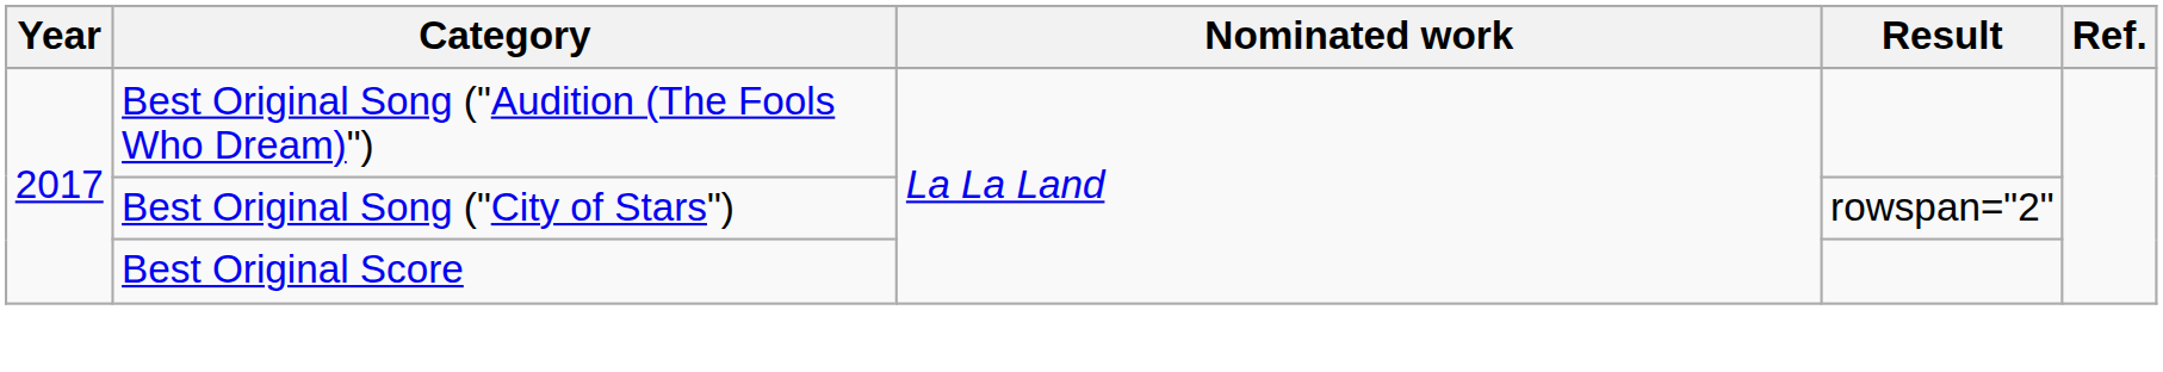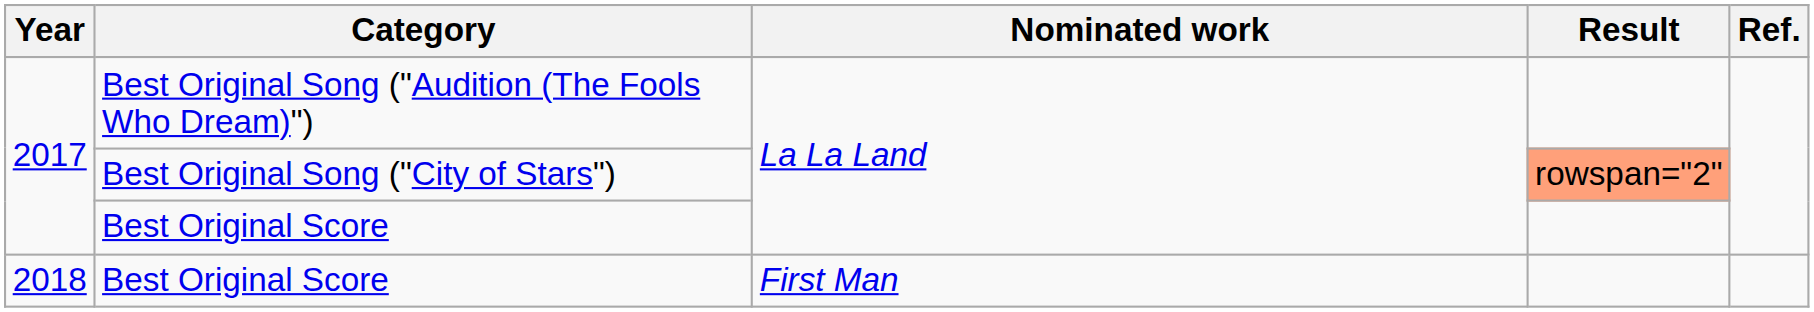 <table class=wikitable>
 <tr>
 <th scope="col" style="width:1em;">Year</th>
 <th scope="col" style="width:33em;">Category</th>
 <th scope="col" style="width:39em;">Nominated work</th>
 <th scope="col" style="width:5em;">Result</th>
 <th scope="col" style="width:1em;">Ref.</th>
 </tr>
 <tr>
 <td rowspan="3"><a href='#'>2017</a></td>
 <td><a href='#'>Best Original Song</a> ("<a href='#'>Audition (The Fools Who Dream)</a>")</td>
 <td rowspan="3"><em><a href='#'>La La Land</a></em></td>
 <td></td>
 <td rowspan="3"></td>
 </tr>
 <tr>
 <td><a href='#'>Best Original Song</a> ("<a href='#'>City of Stars</a>")</td>
-<td>rowspan="2" </td>
+<td style="background: lightsalmon;">rowspan="2" </td>
 </tr>
 <tr>
 <td><a href='#'>Best Original Score</a></td>
 </tr>
+<tr>
+<td><a href='#'>2018</a></td>
+<td><a href='#'>Best Original Score</a></td>
+<td><em><a href='#'>First Man</a></em></td>
+<td></td>
+<td style="text-align:center;"></td>
+</tr>
 </table>
